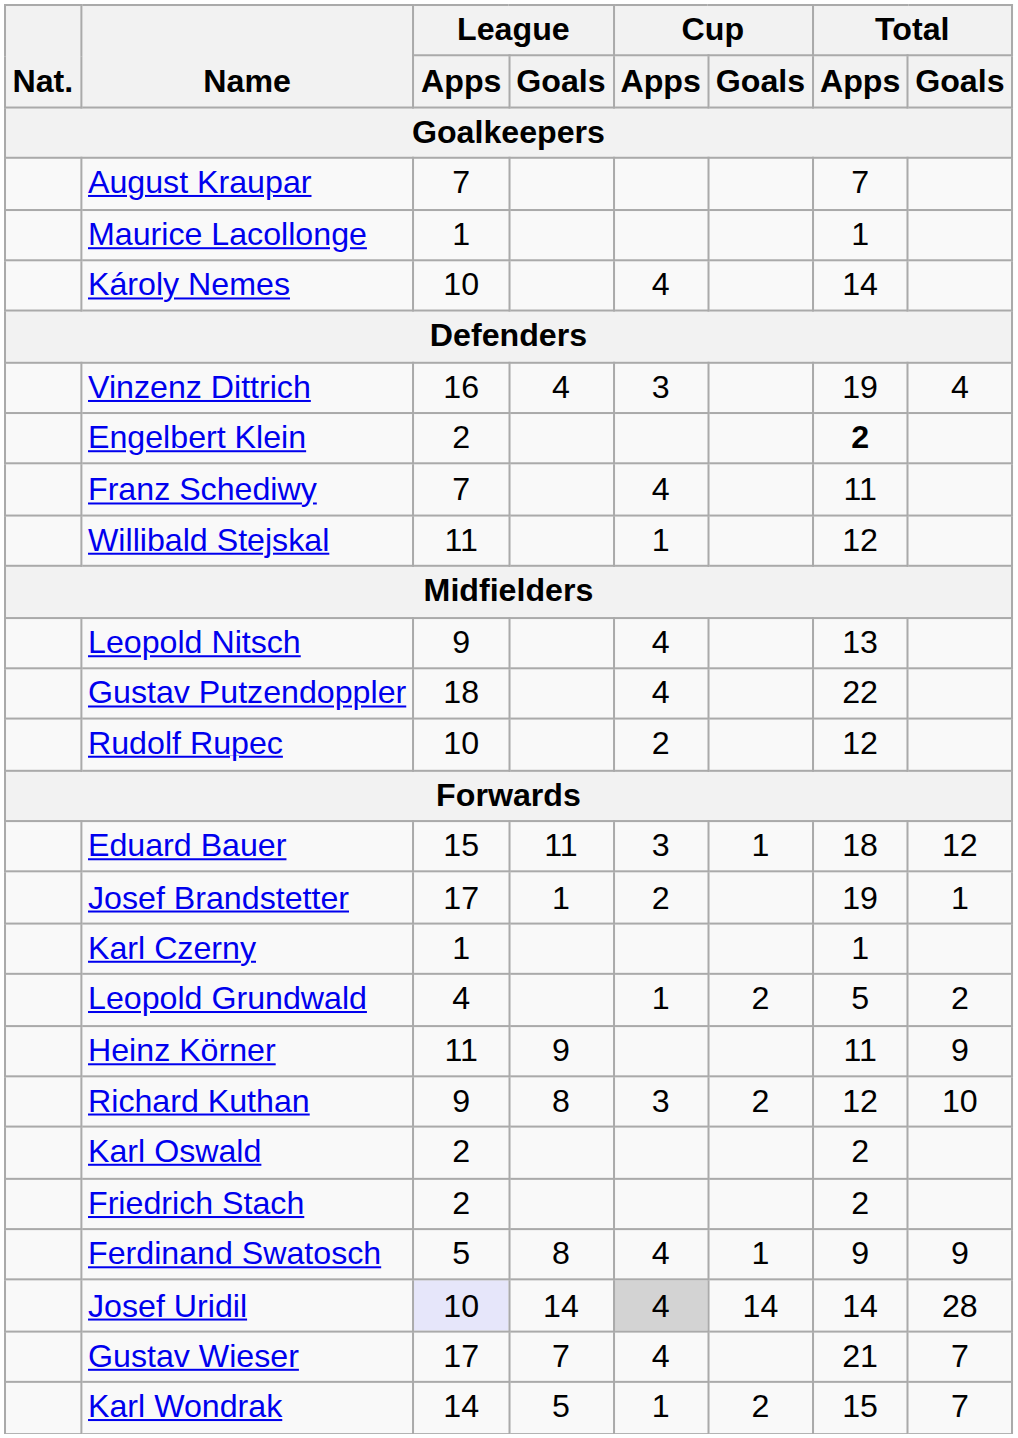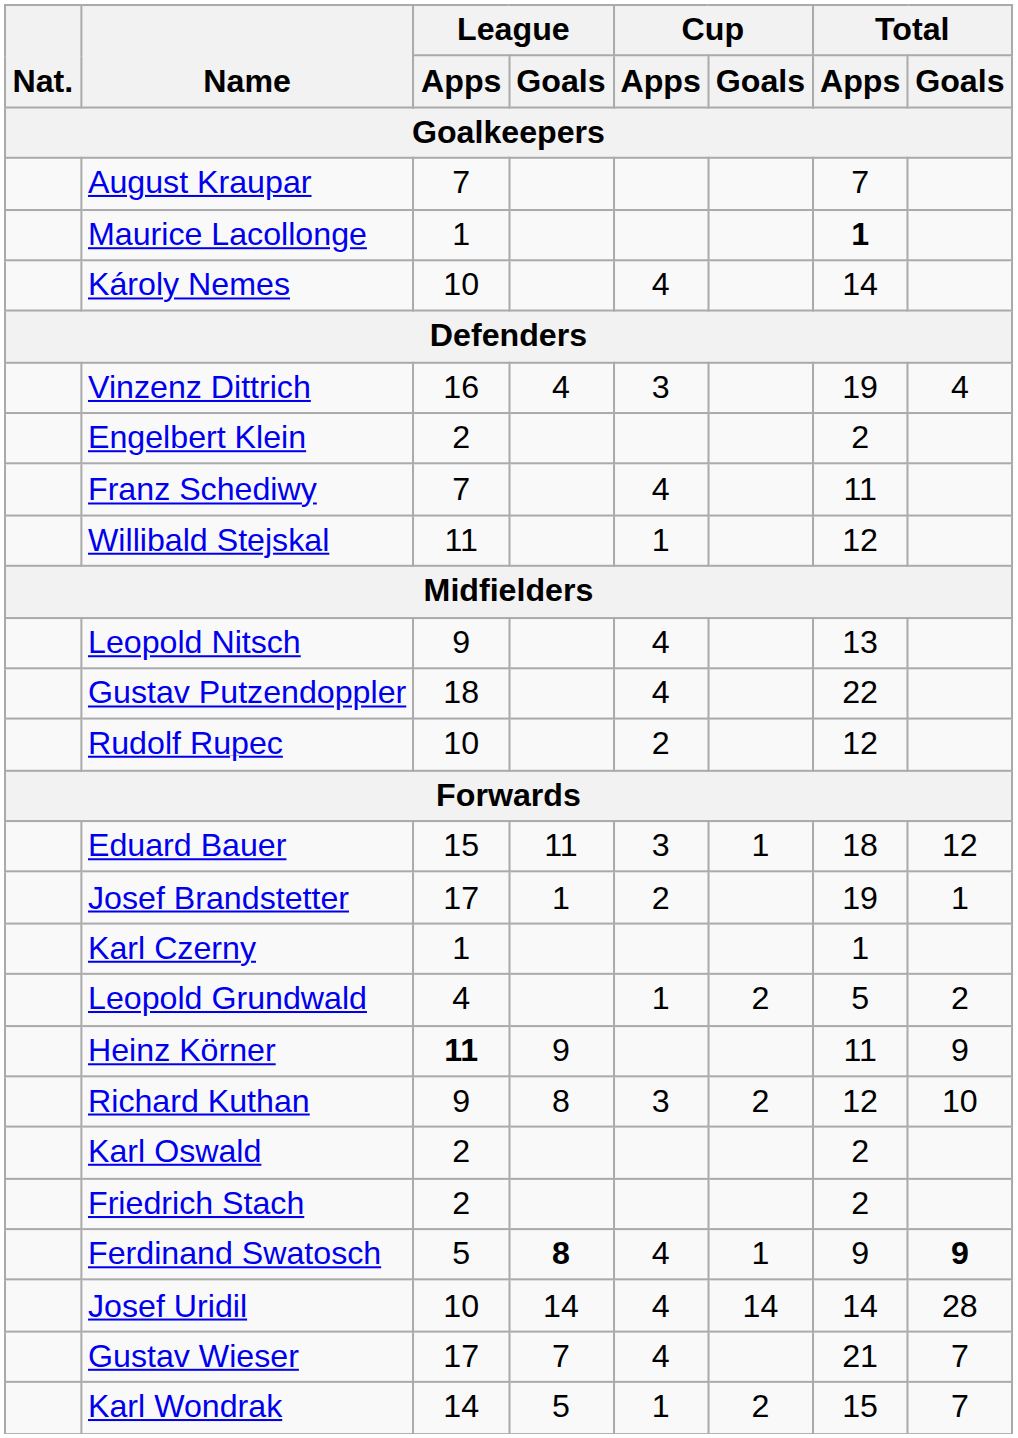 <table class="wikitable" style="text-align:center">
 <tr>
 <th rowspan="2" valign="bottom">Nat.</th>
 <th rowspan="2" valign="bottom">Name</th>
 <th colspan="2" width="85">League</th>
 <th colspan="2" width="85">Cup</th>
 <th colspan="2" width="85">Total</th>
 </tr>
 <tr>
 <th>Apps</th>
 <th>Goals</th>
 <th>Apps</th>
 <th>Goals</th>
 <th>Apps</th>
 <th>Goals</th>
 </tr>
 <tr>
 <th colspan=15>Goalkeepers</th>
 </tr>
 <tr>
 <td></td>
 <td align="left"><a href='#'>August Kraupar</a></td>
 <td>7</td>
 <td></td>
 <td></td>
 <td></td>
 <td>7</td>
 <td></td>
 </tr>
 <tr>
 <td></td>
 <td align="left"><a href='#'>Maurice Lacollonge</a></td>
 <td>1</td>
 <td></td>
 <td></td>
 <td></td>
-<td>1</td>
+<td><strong>1</strong></td>
 <td></td>
 </tr>
 <tr>
 <td></td>
 <td align="left"><a href='#'>Károly Nemes</a></td>
 <td>10</td>
 <td></td>
 <td>4</td>
 <td></td>
 <td>14</td>
 <td></td>
 </tr>
 <tr>
 <th colspan=15>Defenders</th>
 </tr>
 <tr>
 <td></td>
 <td align="left"><a href='#'>Vinzenz Dittrich</a></td>
 <td>16</td>
 <td>4</td>
 <td>3</td>
 <td></td>
 <td>19</td>
 <td>4</td>
 </tr>
 <tr>
 <td></td>
 <td align="left"><a href='#'>Engelbert Klein</a></td>
 <td>2</td>
 <td></td>
 <td></td>
 <td></td>
-<td><strong>2</strong></td>
+<td>2</td>
 <td></td>
 </tr>
 <tr>
 <td></td>
 <td align="left"><a href='#'>Franz Schediwy</a></td>
 <td>7</td>
 <td></td>
 <td>4</td>
 <td></td>
 <td>11</td>
 <td></td>
 </tr>
 <tr>
 <td></td>
 <td align="left"><a href='#'>Willibald Stejskal</a></td>
 <td>11</td>
 <td></td>
 <td>1</td>
 <td></td>
 <td>12</td>
 <td></td>
 </tr>
 <tr>
 <th colspan=15>Midfielders</th>
 </tr>
 <tr>
 <td></td>
 <td align="left"><a href='#'>Leopold Nitsch</a></td>
 <td>9</td>
 <td></td>
 <td>4</td>
 <td></td>
 <td>13</td>
 <td></td>
 </tr>
 <tr>
 <td></td>
 <td align="left"><a href='#'>Gustav Putzendoppler</a></td>
 <td>18</td>
 <td></td>
 <td>4</td>
 <td></td>
 <td>22</td>
 <td></td>
 </tr>
 <tr>
 <td></td>
 <td align="left"><a href='#'>Rudolf Rupec</a></td>
 <td>10</td>
 <td></td>
 <td>2</td>
 <td></td>
 <td>12</td>
 <td></td>
 </tr>
 <tr>
 <th colspan=15>Forwards</th>
 </tr>
 <tr>
 <td></td>
 <td align="left"><a href='#'>Eduard Bauer</a></td>
 <td>15</td>
 <td>11</td>
 <td>3</td>
 <td>1</td>
 <td>18</td>
 <td>12</td>
 </tr>
 <tr>
 <td></td>
 <td align="left"><a href='#'>Josef Brandstetter</a></td>
 <td>17</td>
 <td>1</td>
 <td>2</td>
 <td></td>
 <td>19</td>
 <td>1</td>
 </tr>
 <tr>
 <td></td>
 <td align="left"><a href='#'>Karl Czerny</a></td>
 <td>1</td>
 <td></td>
 <td></td>
 <td></td>
 <td>1</td>
 <td></td>
 </tr>
 <tr>
 <td></td>
 <td align="left"><a href='#'>Leopold Grundwald</a></td>
 <td>4</td>
 <td></td>
 <td>1</td>
 <td>2</td>
 <td>5</td>
 <td>2</td>
 </tr>
 <tr>
 <td></td>
 <td align="left"><a href='#'>Heinz Körner</a></td>
-<td>11</td>
+<td><strong>11</strong></td>
 <td>9</td>
 <td></td>
 <td></td>
 <td>11</td>
 <td>9</td>
 </tr>
 <tr>
 <td></td>
 <td align="left"><a href='#'>Richard Kuthan</a></td>
 <td>9</td>
 <td>8</td>
 <td>3</td>
 <td>2</td>
 <td>12</td>
 <td>10</td>
 </tr>
 <tr>
 <td></td>
 <td align="left"><a href='#'>Karl Oswald</a></td>
 <td>2</td>
 <td></td>
 <td></td>
 <td></td>
 <td>2</td>
 <td></td>
 </tr>
 <tr>
 <td></td>
 <td align="left"><a href='#'>Friedrich Stach</a></td>
 <td>2</td>
 <td></td>
 <td></td>
 <td></td>
 <td>2</td>
 <td></td>
 </tr>
 <tr>
 <td></td>
 <td align="left"><a href='#'>Ferdinand Swatosch</a></td>
 <td>5</td>
-<td>8</td>
+<td><strong>8</strong></td>
 <td>4</td>
 <td>1</td>
 <td>9</td>
-<td>9</td>
+<td><strong>9</strong></td>
 </tr>
 <tr>
 <td></td>
 <td align="left"><a href='#'>Josef Uridil</a></td>
-<td style="background: lavender;">10</td>
+<td>10</td>
 <td>14</td>
-<td style="background: lightgrey;">4</td>
+<td>4</td>
 <td>14</td>
 <td>14</td>
 <td>28</td>
 </tr>
 <tr>
 <td></td>
 <td align="left"><a href='#'>Gustav Wieser</a></td>
 <td>17</td>
 <td>7</td>
 <td>4</td>
 <td></td>
 <td>21</td>
 <td>7</td>
 </tr>
 <tr>
 <td></td>
 <td align="left"><a href='#'>Karl Wondrak</a></td>
 <td>14</td>
 <td>5</td>
 <td>1</td>
 <td>2</td>
 <td>15</td>
 <td>7</td>
 </tr>
 </table>
